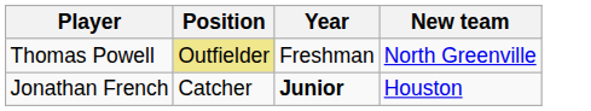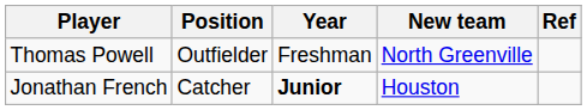 <table class="wikitable sortable">
 <tr>
 <th style="text-align:center; ">Player</th>
 <th style="text-align:center; ">Position</th>
 <th style="text-align:center; ">Year</th>
 <th style="text-align:center; ">New team</th>
+<th style="text-align:center; ">Ref</th>
 </tr>
 <tr>
 <td>Thomas Powell</td>
-<td style="background: khaki;">Outfielder</td>
+<td>Outfielder</td>
 <td>Freshman</td>
 <td><a href='#'>North Greenville</a></td>
+<td></td>
 </tr>
 <tr>
 <td>Jonathan French</td>
 <td>Catcher</td>
 <td><strong>Junior</strong></td>
 <td><a href='#'>Houston</a></td>
+<td></td>
 </tr>
 </table>
